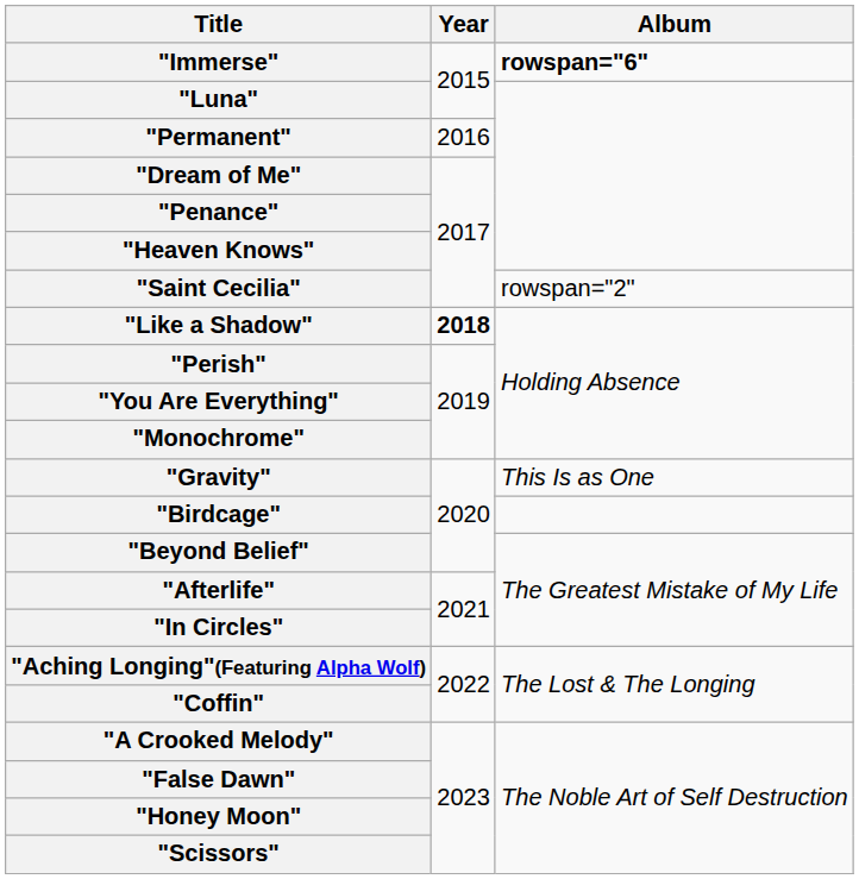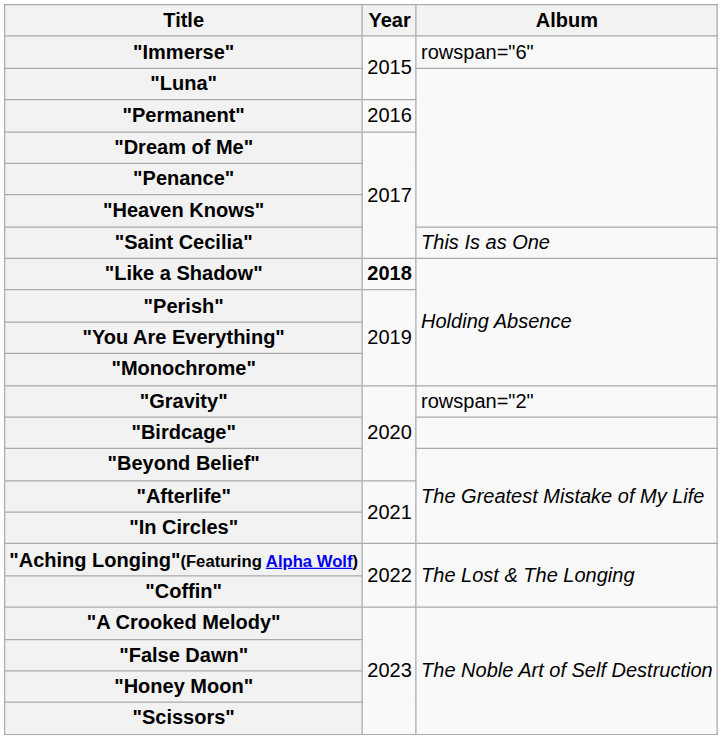 <table class="wikitable plainrowheaders">
 <tr>
 <th>Title</th>
 <th>Year</th>
 <th>Album</th>
 </tr>
 <tr>
 <th scope="row">"Immerse"</th>
 <td rowspan="2">2015</td>
-<td><strong>rowspan="6" </strong></td>
+<td>rowspan="6" </td>
 </tr>
 <tr>
 <th scope="row">"Luna"</th>
 </tr>
 <tr>
 <th scope="row">"Permanent"</th>
 <td rowspan="1">2016</td>
 </tr>
 <tr>
 <th scope="row">"Dream of Me"</th>
 <td rowspan="4">2017</td>
 </tr>
 <tr>
 <th scope="row">"Penance"</th>
 </tr>
 <tr>
 <th scope="row">"Heaven Knows"</th>
 </tr>
 <tr>
 <th scope="row">"Saint Cecilia"</th>
-<td>rowspan="2" </td>
+<td><em>This Is as One</em></td>
 </tr>
 <tr>
 <th scope="row">"Like a Shadow"</th>
 <td><strong>2018</strong></td>
 <td rowspan="4"><em>Holding Absence</em></td>
 </tr>
 <tr>
 <th scope="row">"Perish"</th>
 <td rowspan="3">2019</td>
 </tr>
 <tr>
 <th scope="row">"You Are Everything"</th>
 </tr>
 <tr>
 <th scope="row">"Monochrome"</th>
 </tr>
 <tr>
 <th scope="row">"Gravity"</th>
 <td rowspan="3">2020</td>
-<td><em>This Is as One</em></td>
+<td>rowspan="2" </td>
 </tr>
 <tr>
 <th scope="row">"Birdcage"</th>
 </tr>
 <tr>
 <th scope="row">"Beyond Belief"</th>
 <td rowspan="3"><em>The Greatest Mistake of My Life</em></td>
 </tr>
 <tr>
 <th scope="row">"Afterlife"</th>
 <td rowspan="2">2021</td>
 </tr>
 <tr>
 <th scope="row">"In Circles"</th>
 </tr>
 <tr>
 <th scope="row">"Aching Longing"<small>(Featuring <a href='#'>Alpha Wolf</a>)</small></th>
 <td rowspan="2">2022</td>
 <td rowspan="2"><em>The Lost & The Longing</em></td>
 </tr>
 <tr>
 <th scope="row">"Coffin"</th>
 </tr>
 <tr>
 <th scope="row">"A Crooked Melody"</th>
 <td rowspan="4">2023</td>
 <td rowspan="4"><em>The Noble Art of Self Destruction</em></td>
 </tr>
 <tr>
 <th scope="row">"False Dawn"</th>
 </tr>
 <tr>
 <th scope="row">"Honey Moon"</th>
 </tr>
 <tr>
 <th scope="row">"Scissors"</th>
 </tr>
 </table>
